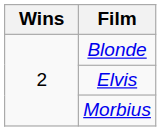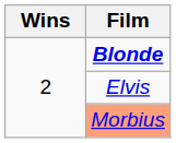 <table class="wikitable sortable" style="text-align: center;">
 <tr>
 <th scope="col" width="55">Wins</th>
 <th scope="col" align="center">Film</th>
 </tr>
 <tr>
 <td rowspan="3">2</td>
-<td><em><a href='#'>Blonde</a></em></td>
+<td><strong><em><a href='#'>Blonde</a></em></strong></td>
 </tr>
 <tr>
 <td><em><a href='#'>Elvis</a></em></td>
 </tr>
 <tr>
-<td><em><a href='#'>Morbius</a></em></td>
+<td style="background: lightsalmon;"><em><a href='#'>Morbius</a></em></td>
 </tr>
 </table>
